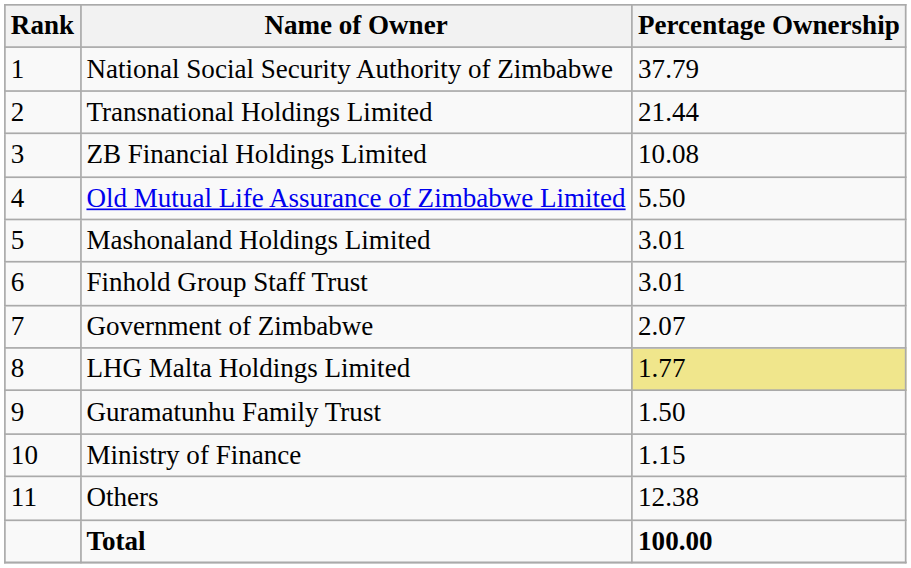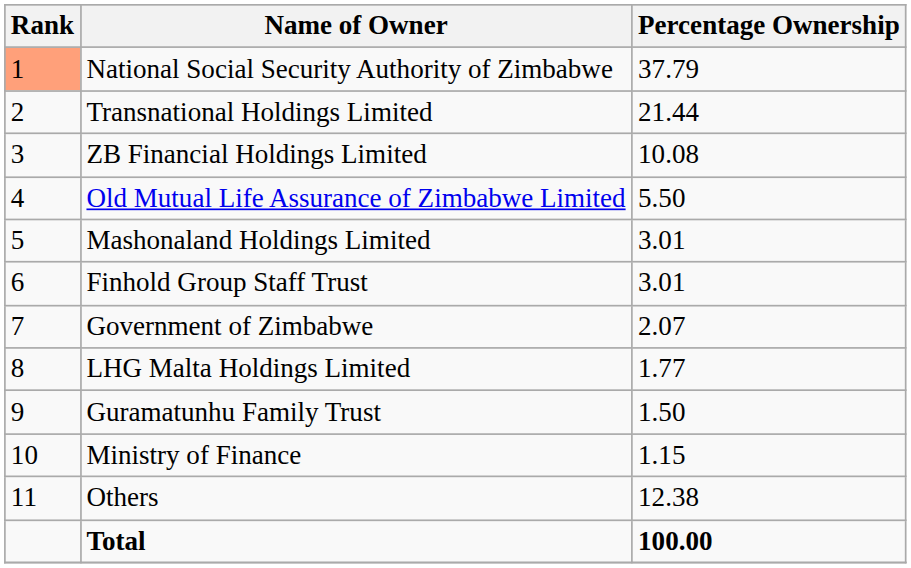 <table class="wikitable sortable" style="margin: 0.5em auto">
 <tr>
 <th>Rank</th>
 <th>Name of Owner</th>
 <th>Percentage Ownership</th>
 </tr>
 <tr>
-<td>1</td>
+<td style="background: lightsalmon;">1</td>
 <td>National Social Security Authority of Zimbabwe</td>
 <td>37.79</td>
 </tr>
 <tr>
 <td>2</td>
 <td>Transnational Holdings Limited</td>
 <td>21.44</td>
 </tr>
 <tr>
 <td>3</td>
 <td>ZB Financial Holdings Limited</td>
 <td>10.08</td>
 </tr>
 <tr>
 <td>4</td>
 <td><a href='#'>Old Mutual Life Assurance of Zimbabwe Limited</a></td>
 <td>5.50</td>
 </tr>
 <tr>
 <td>5</td>
 <td>Mashonaland Holdings Limited</td>
 <td>3.01</td>
 </tr>
 <tr>
 <td>6</td>
 <td>Finhold Group Staff Trust</td>
 <td>3.01</td>
 </tr>
 <tr>
 <td>7</td>
 <td>Government of Zimbabwe</td>
 <td>2.07</td>
 </tr>
 <tr>
 <td>8</td>
 <td>LHG Malta Holdings Limited</td>
-<td style="background: khaki;">1.77</td>
+<td>1.77</td>
 </tr>
 <tr>
 <td>9</td>
 <td>Guramatunhu Family Trust</td>
 <td>1.50</td>
 </tr>
 <tr>
 <td>10</td>
 <td>Ministry of Finance</td>
 <td>1.15</td>
 </tr>
 <tr>
 <td>11</td>
 <td>Others</td>
 <td>12.38</td>
 </tr>
 <tr>
 <td></td>
 <td><strong>Total</strong></td>
 <td><strong>100.00</strong></td>
 </tr>
 <tr>
 </tr>
 </table>
